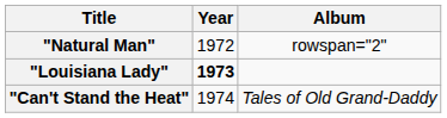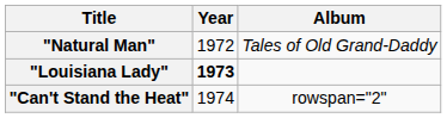 <table class="wikitable plainrowheaders" style="text-align:center;">
 <tr>
 <th scope="col">Title</th>
 <th scope="col">Year</th>
 <th scope="col">Album</th>
 </tr>
 <tr>
 <th scope="row">"Natural Man"</th>
 <td>1972</td>
-<td>rowspan="2" </td>
+<td><em>Tales of Old Grand-Daddy</em></td>
 </tr>
 <tr>
 <th scope="row">"Louisiana Lady"</th>
 <td><strong>1973</strong></td>
 </tr>
 <tr>
 <th scope="row">"Can't Stand the Heat"</th>
 <td>1974</td>
-<td><em>Tales of Old Grand-Daddy</em></td>
+<td>rowspan="2" </td>
 </tr>
 </table>
